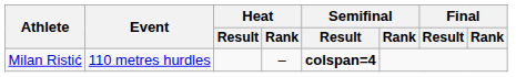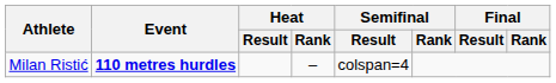 <table class="wikitable" style="font-size:90%">
 <tr>
 <th rowspan="2">Athlete</th>
 <th rowspan="2">Event</th>
 <th colspan="2">Heat</th>
 <th colspan="2">Semifinal</th>
 <th colspan="2">Final</th>
 </tr>
 <tr style="font-size:95%">
 <th>Result</th>
 <th>Rank</th>
 <th>Result</th>
 <th>Rank</th>
 <th>Result</th>
 <th>Rank</th>
 </tr>
 <tr style=text-align:center>
 <td style=text-align:left><a href='#'>Milan Ristić</a></td>
-<td style=text-align:left><a href='#'>110 metres hurdles</a></td>
+<td style=text-align:left><strong><a href='#'>110 metres hurdles</a></strong></td>
 <td></td>
 <td>–</td>
-<td><strong>colspan=4 </strong></td>
+<td>colspan=4 </td>
 </tr>
 </table>
